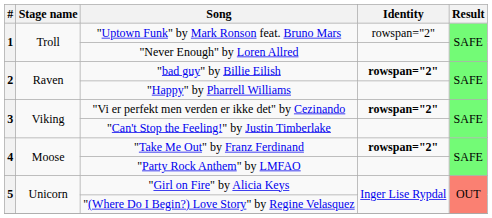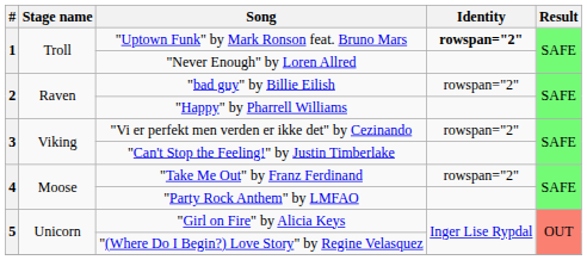 <table class="wikitable plainrowheaders" style="text-align: center;">
 <tr>
 <th>#</th>
 <th>Stage name</th>
 <th>Song</th>
 <th>Identity</th>
 <th>Result</th>
 </tr>
 <tr>
 <th rowspan="2">1</th>
 <td rowspan="2">Troll</td>
 <td>"<a href='#'>Uptown Funk</a>" by <a href='#'>Mark Ronson</a> feat. <a href='#'>Bruno Mars</a></td>
-<td>rowspan="2" </td>
+<td><strong>rowspan="2" </strong></td>
 <td rowspan="2" bgcolor="#73FB76">SAFE</td>
 </tr>
 <tr>
 <td>"Never Enough" by <a href='#'>Loren Allred</a></td>
 </tr>
 <tr>
 <th rowspan="2">2</th>
 <td rowspan="2">Raven</td>
 <td>"<a href='#'>bad guy</a>" by <a href='#'>Billie Eilish</a></td>
-<td><strong>rowspan="2" </strong></td>
+<td>rowspan="2" </td>
 <td rowspan="2" bgcolor="#73FB76">SAFE</td>
 </tr>
 <tr>
 <td>"<a href='#'>Happy</a>" by <a href='#'>Pharrell Williams</a></td>
 </tr>
 <tr>
 <th rowspan="2">3</th>
 <td rowspan="2">Viking</td>
 <td>"Vi er perfekt men verden er ikke det" by <a href='#'>Cezinando</a></td>
-<td><strong>rowspan="2" </strong></td>
+<td>rowspan="2" </td>
 <td rowspan="2" bgcolor="#73FB76">SAFE</td>
 </tr>
 <tr>
 <td>"<a href='#'>Can't Stop the Feeling!</a>" by <a href='#'>Justin Timberlake</a></td>
 </tr>
 <tr>
 <th rowspan="2">4</th>
 <td rowspan="2">Moose</td>
 <td>"<a href='#'>Take Me Out</a>" by <a href='#'>Franz Ferdinand</a></td>
-<td><strong>rowspan="2" </strong></td>
+<td>rowspan="2" </td>
 <td rowspan="2" bgcolor="#73FB76">SAFE</td>
 </tr>
 <tr>
 <td>"<a href='#'>Party Rock Anthem</a>" by <a href='#'>LMFAO</a></td>
 </tr>
 <tr>
 <th rowspan="2">5</th>
 <td rowspan="2">Unicorn</td>
 <td>"<a href='#'>Girl on Fire</a>" by <a href='#'>Alicia Keys</a></td>
 <td rowspan="2"><a href='#'>Inger Lise Rypdal</a></td>
 <td rowspan="2" bgcolor=salmon>OUT</td>
 </tr>
 <tr>
 <td>"<a href='#'>(Where Do I Begin?) Love Story</a>" by <a href='#'>Regine Velasquez</a></td>
 </tr>
 <tr>
 </tr>
 </table>
